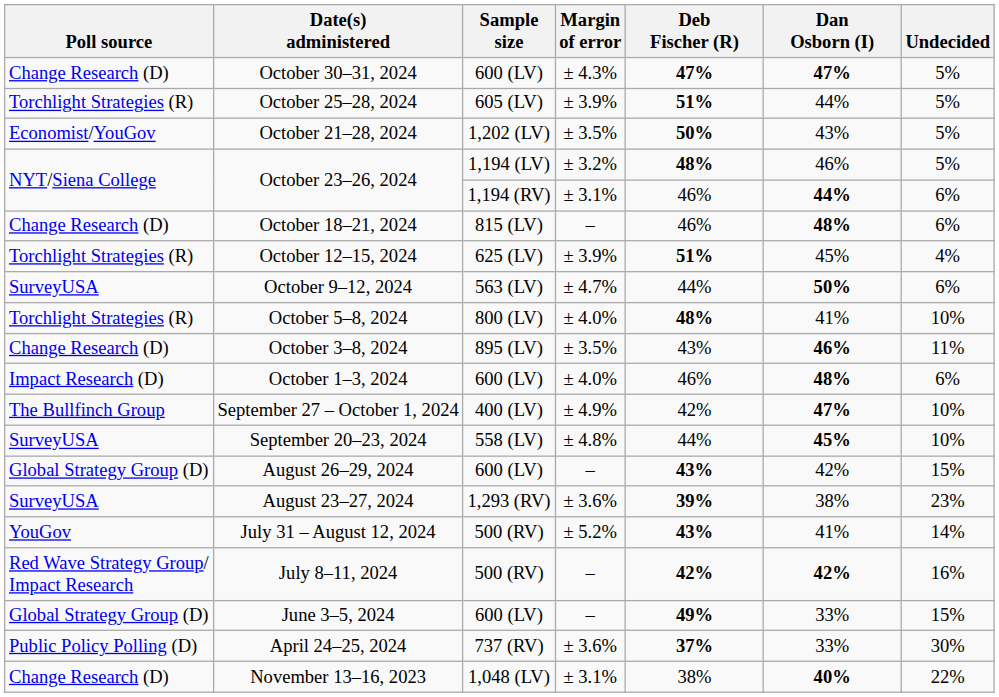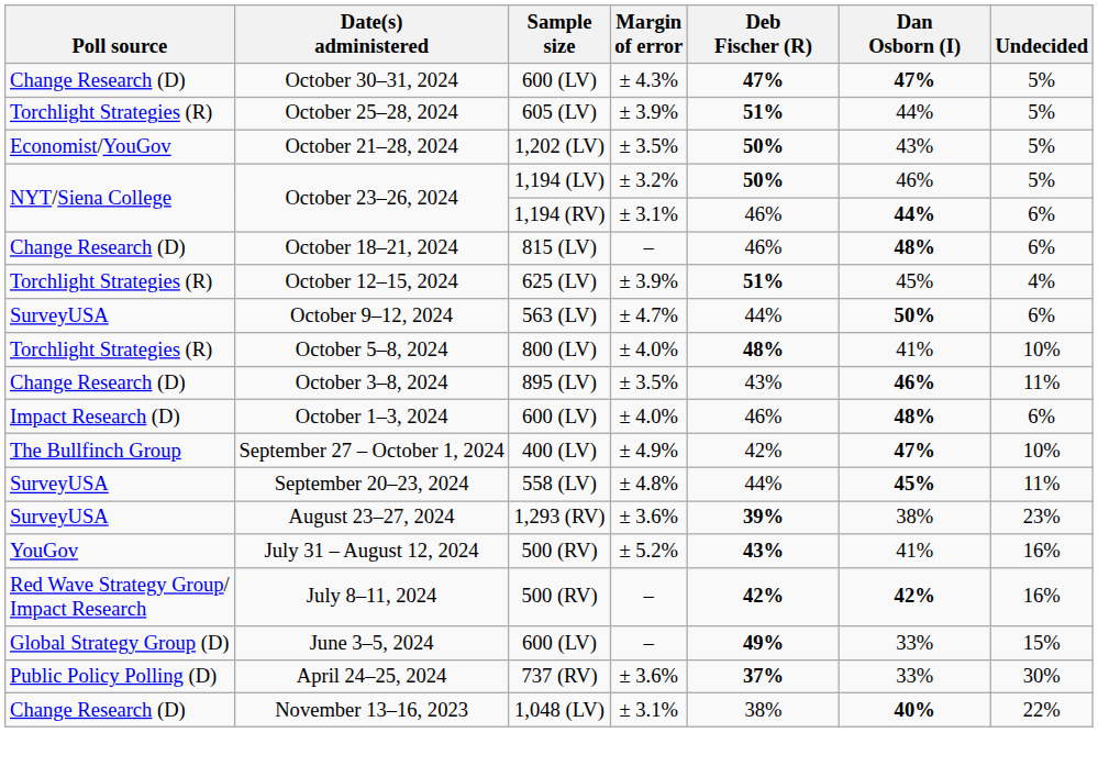 <table class="wikitable" style="font-size:90%;text-align:center;">
 <tr valign="bottom">
 <th>Poll source</th>
 <th>Date(s)<br>administered</th>
 <th>Sample<br>size</th>
 <th>Margin<br>of error</th>
 <th style="width:100px;">Deb<br>Fischer (R)</th>
 <th style="width:100px;">Dan<br>Osborn (I)</th>
 <th>Undecided</th>
 </tr>
 <tr>
 <td style="text-align:left;"><a href='#'>Change Research</a> (D)</td>
 <td>October 30–31, 2024</td>
 <td>600 (LV)</td>
 <td>± 4.3%</td>
 <td><strong>47%</strong></td>
 <td><strong>47%</strong></td>
 <td>5%</td>
 </tr>
 <tr>
 <td style="text-align:left;"><a href='#'>Torchlight Strategies</a> (R)</td>
 <td>October 25–28, 2024</td>
 <td>605 (LV)</td>
 <td>± 3.9%</td>
 <td><strong>51%</strong></td>
 <td>44%</td>
 <td>5%</td>
 </tr>
 <tr>
 <td style="text-align:left;"><a href='#'>Economist</a>/<a href='#'>YouGov</a></td>
 <td>October 21–28, 2024</td>
 <td>1,202 (LV)</td>
 <td>± 3.5%</td>
 <td><strong>50%</strong></td>
 <td>43%</td>
 <td>5%</td>
 </tr>
 <tr>
 <td rowspan="2" style="text-align:left;"><a href='#'>NYT</a>/<a href='#'>Siena College</a></td>
 <td rowspan="2">October 23–26, 2024</td>
 <td>1,194 (LV)</td>
 <td>± 3.2%</td>
-<td><strong>48%</strong></td>
+<td><strong>50%</strong></td>
 <td>46%</td>
 <td>5%</td>
 </tr>
 <tr>
 <td>1,194 (RV)</td>
 <td>± 3.1%</td>
 <td>46%</td>
 <td><strong>44%</strong></td>
 <td>6%</td>
 </tr>
 <tr>
 <td style="text-align:left;"><a href='#'>Change Research</a> (D)</td>
 <td>October 18–21, 2024</td>
 <td>815 (LV)</td>
 <td>–</td>
 <td>46%</td>
 <td><strong>48%</strong></td>
 <td>6%</td>
 </tr>
 <tr>
 <td style="text-align:left;"><a href='#'>Torchlight Strategies</a> (R)</td>
 <td>October 12–15, 2024</td>
 <td>625 (LV)</td>
 <td>± 3.9%</td>
 <td><strong>51%</strong></td>
 <td>45%</td>
 <td>4%</td>
 </tr>
 <tr>
 <td style="text-align:left;"><a href='#'>SurveyUSA</a></td>
 <td>October 9–12, 2024</td>
 <td>563 (LV)</td>
 <td>± 4.7%</td>
 <td>44%</td>
 <td><strong>50%</strong></td>
 <td>6%</td>
 </tr>
 <tr>
 <td style="text-align:left;"><a href='#'>Torchlight Strategies</a> (R)</td>
 <td>October 5–8, 2024</td>
 <td>800 (LV)</td>
 <td>± 4.0%</td>
 <td><strong>48%</strong></td>
 <td>41%</td>
 <td>10%</td>
 </tr>
 <tr>
 <td style="text-align:left;"><a href='#'>Change Research</a> (D)</td>
 <td>October 3–8, 2024</td>
 <td>895 (LV)</td>
 <td>± 3.5%</td>
 <td>43%</td>
 <td><strong>46%</strong></td>
 <td>11%</td>
 </tr>
 <tr>
 <td style="text-align:left;"><a href='#'>Impact Research</a> (D)</td>
 <td>October 1–3, 2024</td>
 <td>600 (LV)</td>
 <td>± 4.0%</td>
 <td>46%</td>
 <td><strong>48%</strong></td>
 <td>6%</td>
 </tr>
 <tr>
 <td style="text-align:left;"><a href='#'>The Bullfinch Group</a></td>
 <td>September 27 – October 1, 2024</td>
 <td>400 (LV)</td>
 <td>± 4.9%</td>
 <td>42%</td>
 <td><strong>47%</strong></td>
 <td>10%</td>
 </tr>
 <tr>
 <td style="text-align:left;"><a href='#'>SurveyUSA</a></td>
 <td>September 20–23, 2024</td>
 <td>558 (LV)</td>
 <td>± 4.8%</td>
 <td>44%</td>
 <td><strong>45%</strong></td>
-<td>10%</td>
-</tr>
-<tr>
-<td style="text-align:left;"><a href='#'>Global Strategy Group</a> (D)</td>
-<td>August 26–29, 2024</td>
-<td>600 (LV)</td>
-<td>–</td>
-<td><strong>43%</strong></td>
-<td>42%</td>
-<td>15%</td>
+<td>11%</td>
 </tr>
 <tr>
 <td style="text-align:left;"><a href='#'>SurveyUSA</a></td>
 <td>August 23–27, 2024</td>
 <td>1,293 (RV)</td>
 <td>± 3.6%</td>
 <td><strong>39%</strong></td>
 <td>38%</td>
 <td>23%</td>
 </tr>
 <tr>
 <td style="text-align:left;"><a href='#'>YouGov</a></td>
 <td>July 31 – August 12, 2024</td>
 <td>500 (RV)</td>
 <td>± 5.2%</td>
 <td><strong>43%</strong></td>
 <td>41%</td>
-<td>14%</td>
+<td>16%</td>
 </tr>
 <tr>
 <td style="text-align:left"><a href='#'>Red Wave Strategy Group</a>/<a href='#'><br>Impact Research</a></td>
 <td>July 8–11, 2024</td>
 <td>500 (RV)</td>
 <td>–</td>
 <td><strong>42%</strong></td>
 <td><strong>42%</strong></td>
 <td>16%</td>
 </tr>
 <tr>
 <td style="text-align:left"><a href='#'>Global Strategy Group</a> (D)</td>
 <td>June 3–5, 2024</td>
 <td>600 (LV)</td>
 <td>–</td>
 <td><strong>49%</strong></td>
 <td>33%</td>
 <td>15%</td>
 </tr>
 <tr>
 <td style="text-align:left;"><a href='#'>Public Policy Polling</a> (D)</td>
 <td>April 24–25, 2024</td>
 <td>737 (RV)</td>
 <td>± 3.6%</td>
 <td><strong>37%</strong></td>
 <td>33%</td>
 <td>30%</td>
 </tr>
 <tr>
 <td style="text-align:left;"><a href='#'>Change Research</a> (D)</td>
 <td>November 13–16, 2023</td>
 <td>1,048 (LV)</td>
 <td>± 3.1%</td>
 <td>38%</td>
 <td><strong>40%</strong></td>
 <td>22%</td>
 </tr>
 </table>
